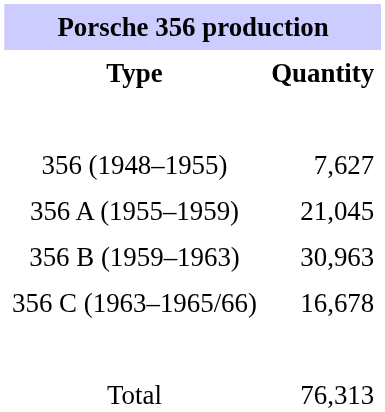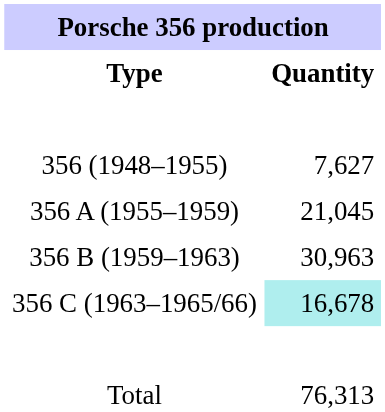 <table class="toccolours"  cellpadding="4" cellspacing="0" style="float:right; margin:0 0 1em 1em; font-size:95%;">
 <tr>
 <th colspan="2"  style="background:#ccf; text-align:center;">Porsche 356 production</th>
 </tr>
 <tr>
 <th style="text-align:center;">Type</th>
 <th style="text-align:right;">Quantity</th>
 </tr>
 <tr>
 <td colspan=2><br></td>
 </tr>
 <tr>
 <td style="text-align:center;">356  (1948–1955)</td>
 <td style="text-align:right;">7,627</td>
 </tr>
 <tr>
 <td style="text-align:center;">356 A (1955–1959)</td>
 <td style="text-align:right;">21,045</td>
 </tr>
 <tr>
 <td style="text-align:center;">356 B (1959–1963)</td>
 <td style="text-align:right;">30,963</td>
 </tr>
 <tr>
 <td style="text-align:center;">356 C (1963–1965/66)</td>
-<td style="text-align:right;">16,678</td>
+<td style="background: paleturquoise; text-align:right;">16,678</td>
 </tr>
 <tr>
 <td colspan=2><br></td>
 </tr>
 <tr>
 <td style="text-align:center;">Total</td>
 <td style="text-align:right;">76,313</td>
 </tr>
 </table>
